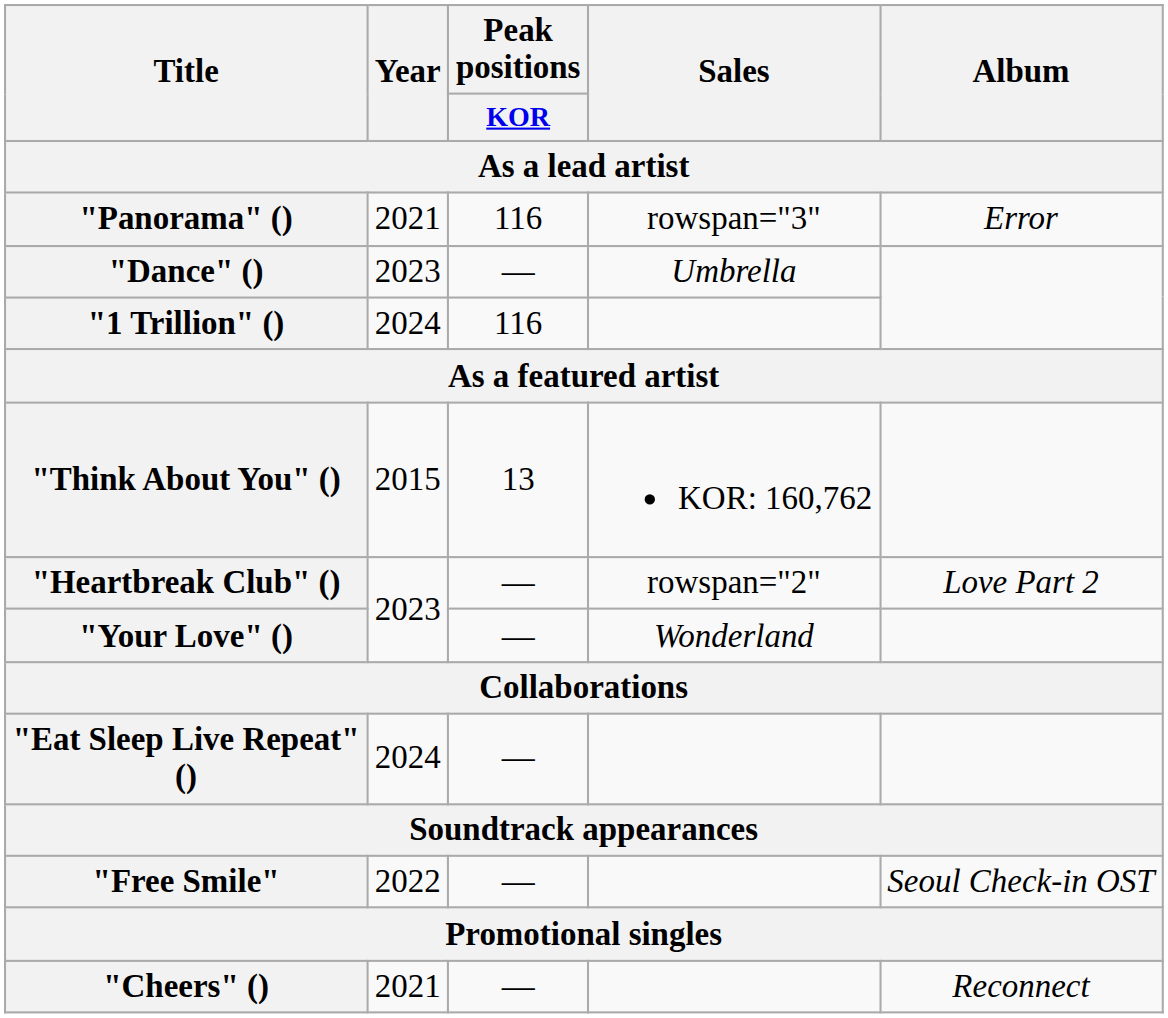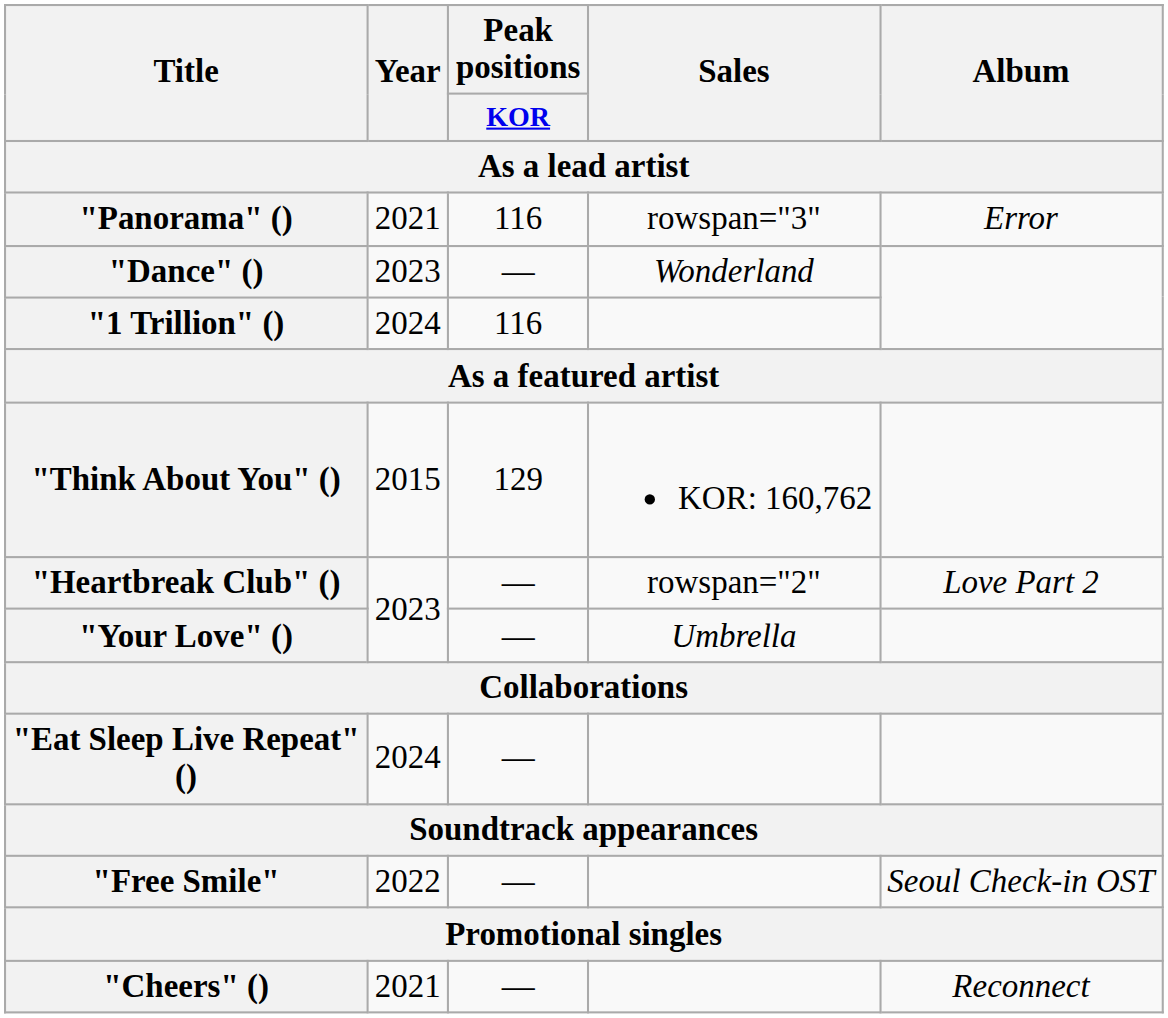 <table class="wikitable plainrowheaders" style="text-align:center;">
 <tr>
 <th scope="col" rowspan="2">Title</th>
 <th scope="col" rowspan="2">Year</th>
 <th scope="col">Peak positions</th>
 <th scope="col" rowspan="2">Sales</th>
 <th scope="col" rowspan="2">Album</th>
 </tr>
 <tr>
 <th scope="col" style="width:3em;font-size:85%;"><a href='#'>KOR</a><br></th>
 </tr>
 <tr>
 <th colspan="5">As a lead artist</th>
 </tr>
 <tr>
 <th scope="row">"Panorama" ()</th>
 <td>2021</td>
 <td>116</td>
 <td>rowspan="3" </td>
 <td><em>Error</em></td>
 </tr>
 <tr>
 <th scope="row">"Dance" ()<br></th>
 <td>2023</td>
 <td>—</td>
-<td><em>Umbrella</em></td>
+<td><em>Wonderland</em></td>
 </tr>
 <tr>
 <th scope="row">"1 Trillion" ()</th>
 <td>2024</td>
 <td>116</td>
 <td></td>
 </tr>
 <tr>
 <th colspan="5">As a featured artist</th>
 </tr>
 <tr>
 <th scope="row">"Think About You" ()<br></th>
 <td>2015</td>
-<td>13</td>
+<td>129</td>
 <td><br><ul><li>KOR: 160,762</li></ul></td>
 <td></td>
 </tr>
 <tr>
 <th scope="row">"Heartbreak Club" () <br></th>
 <td rowspan="2">2023</td>
 <td>—</td>
 <td>rowspan="2" </td>
 <td><em>Love Part 2</em></td>
 </tr>
 <tr>
 <th scope="row">"Your Love" () <br></th>
 <td>—</td>
-<td><em>Wonderland</em></td>
+<td><em>Umbrella</em></td>
 </tr>
 <tr>
 <th colspan="5">Collaborations</th>
 </tr>
 <tr>
 <th scope="row">"Eat Sleep Live Repeat"<br>() <br></th>
 <td rowspan="1">2024</td>
 <td>—</td>
 <td></td>
 <td></td>
 </tr>
 <tr>
 <th colspan="5">Soundtrack appearances</th>
 </tr>
 <tr>
 <th scope="row">"Free Smile"<br></th>
 <td>2022</td>
 <td>—</td>
 <td></td>
 <td><em>Seoul Check-in OST</em></td>
 </tr>
 <tr>
 <th colspan="5">Promotional singles</th>
 </tr>
 <tr>
 <th scope="row">"Cheers" ()<br></th>
 <td>2021</td>
 <td>—</td>
 <td></td>
 <td><em>Reconnect</em></td>
 </tr>
 </table>
